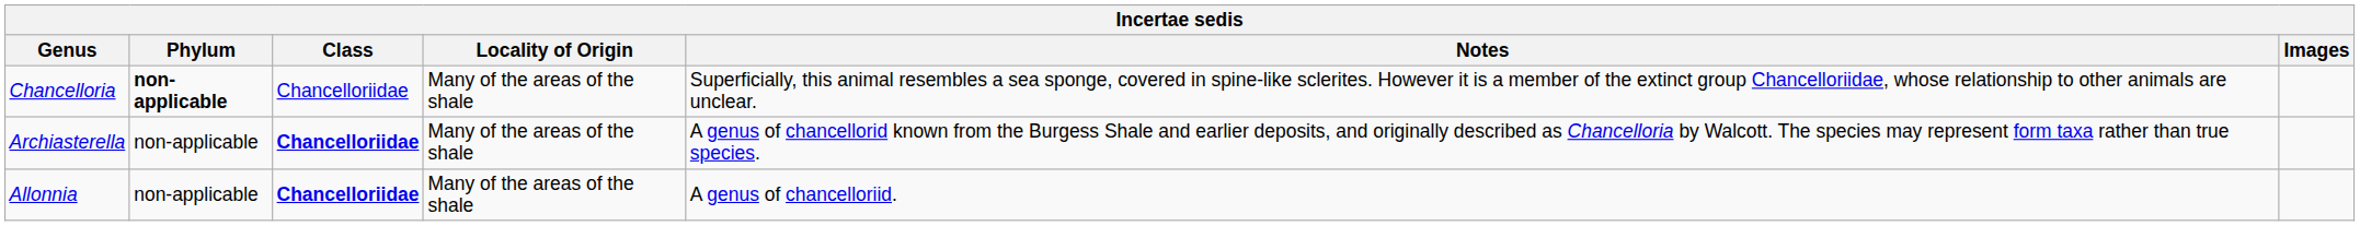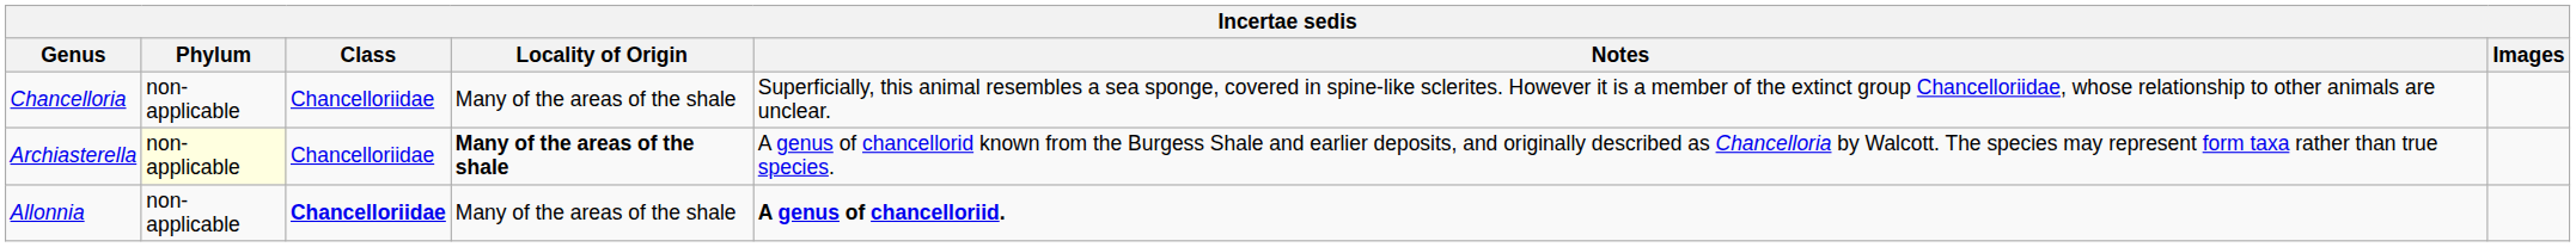 <table class="wikitable sortable mw-collapsible">
 <tr>
 <th colspan="7" align="center">Incertae sedis</th>
 </tr>
 <tr>
 <th>Genus</th>
 <th>Phylum</th>
 <th>Class</th>
 <th>Locality of Origin</th>
 <th>Notes</th>
 <th>Images</th>
 </tr>
 <tr>
 <td><em><a href='#'>Chancelloria</a></em></td>
-<td><strong>non-applicable</strong></td>
+<td>non-applicable</td>
 <td><a href='#'>Chancelloriidae</a></td>
 <td>Many of the areas of the shale</td>
 <td>Superficially, this animal resembles a sea sponge, covered in spine-like sclerites. However it is a member of the extinct group <a href='#'>Chancelloriidae</a>, whose relationship to other animals are unclear.</td>
 <td></td>
 </tr>
 <tr>
 <td><em><a href='#'>Archiasterella</a></em></td>
-<td>non-applicable</td>
-<td><strong><a href='#'>Chancelloriidae</a></strong></td>
-<td>Many of the areas of the shale</td>
+<td style="background: lightyellow;">non-applicable</td>
+<td><a href='#'>Chancelloriidae</a></td>
+<td><strong>Many of the areas of the shale</strong></td>
 <td>A <a href='#'>genus</a> of <a href='#'>chancellorid</a> known from the Burgess Shale and earlier deposits, and originally described as <em><a href='#'>Chancelloria</a></em> by Walcott. The species may represent <a href='#'>form taxa</a> rather than true <a href='#'>species</a>.</td>
 <td></td>
 </tr>
 <tr>
 <td><em><a href='#'>Allonnia</a></em></td>
 <td>non-applicable</td>
 <td><strong><a href='#'>Chancelloriidae</a></strong></td>
 <td>Many of the areas of the shale</td>
-<td>A <a href='#'>genus</a> of <a href='#'>chancelloriid</a>.</td>
+<td><strong>A <a href='#'>genus</a> of <a href='#'>chancelloriid</a>.</strong></td>
 <td></td>
 </tr>
 </table>
